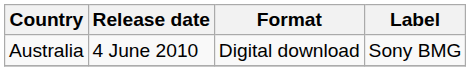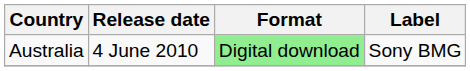 <table class="wikitable">
 <tr>
 <th>Country</th>
 <th>Release date</th>
 <th>Format</th>
 <th>Label</th>
 </tr>
 <tr>
 <td>Australia</td>
 <td>4 June 2010</td>
-<td>Digital download</td>
+<td style="background: lightgreen;">Digital download</td>
 <td>Sony BMG</td>
 </tr>
 <tr>
 </tr>
 </table>
